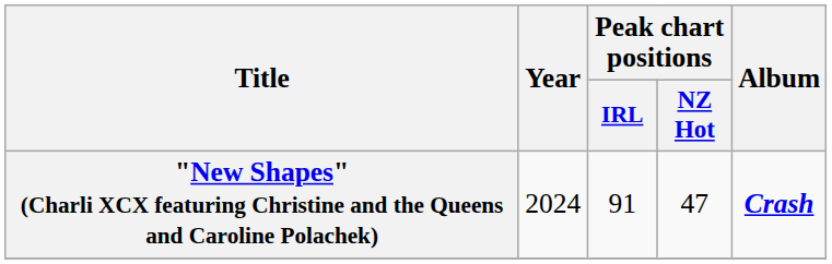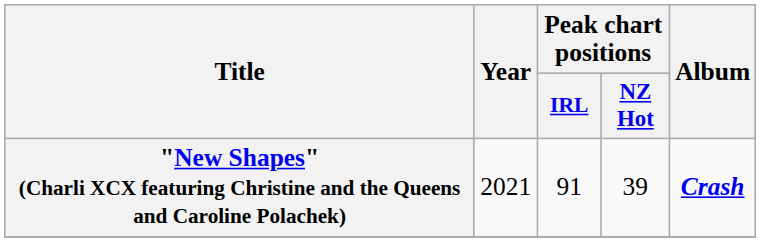 <table class="wikitable plainrowheaders" style="text-align:center;">
 <tr>
 <th scope="col" style="width:18em;" rowspan="2">Title</th>
 <th scope="col" style="width:1em;" rowspan="2">Year</th>
 <th scope="col" colspan="2">Peak chart positions</th>
 <th scope="col" rowspan="2">Album</th>
 </tr>
 <tr>
 <th scope="col" style="width:2.5em;font-size:85%;"><a href='#'>IRL</a><br></th>
 <th scope="col" style="width:2.5em;font-size:90%;"><a href='#'>NZ<br>Hot</a><br></th>
 </tr>
 <tr>
 <th scope="row">"<a href='#'>New Shapes</a>"<br><small>(Charli XCX featuring Christine and the Queens and Caroline Polachek)</small></th>
-<td>2024</td>
+<td>2021</td>
 <td>91</td>
-<td>47</td>
+<td>39</td>
 <td><strong><em><a href='#'>Crash</a></em></strong></td>
 </tr>
 <tr>
 </tr>
 </table>
